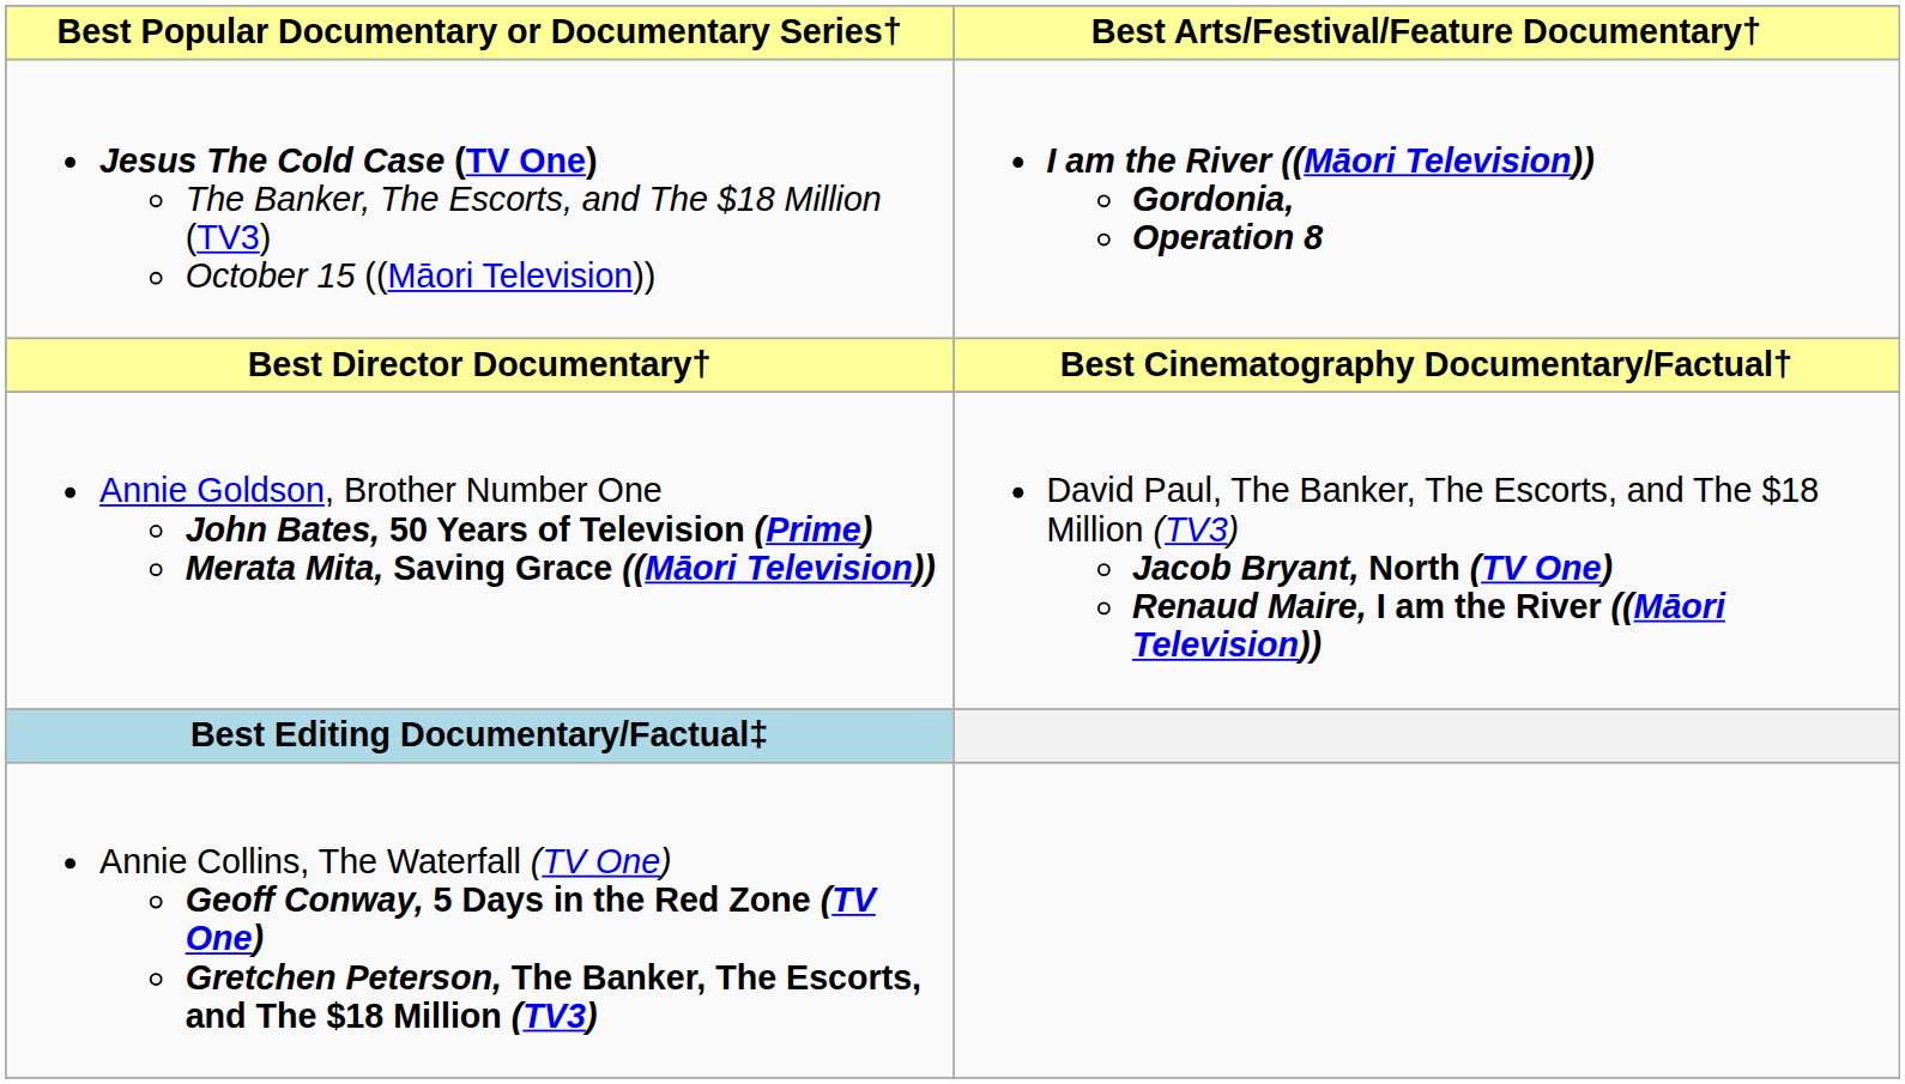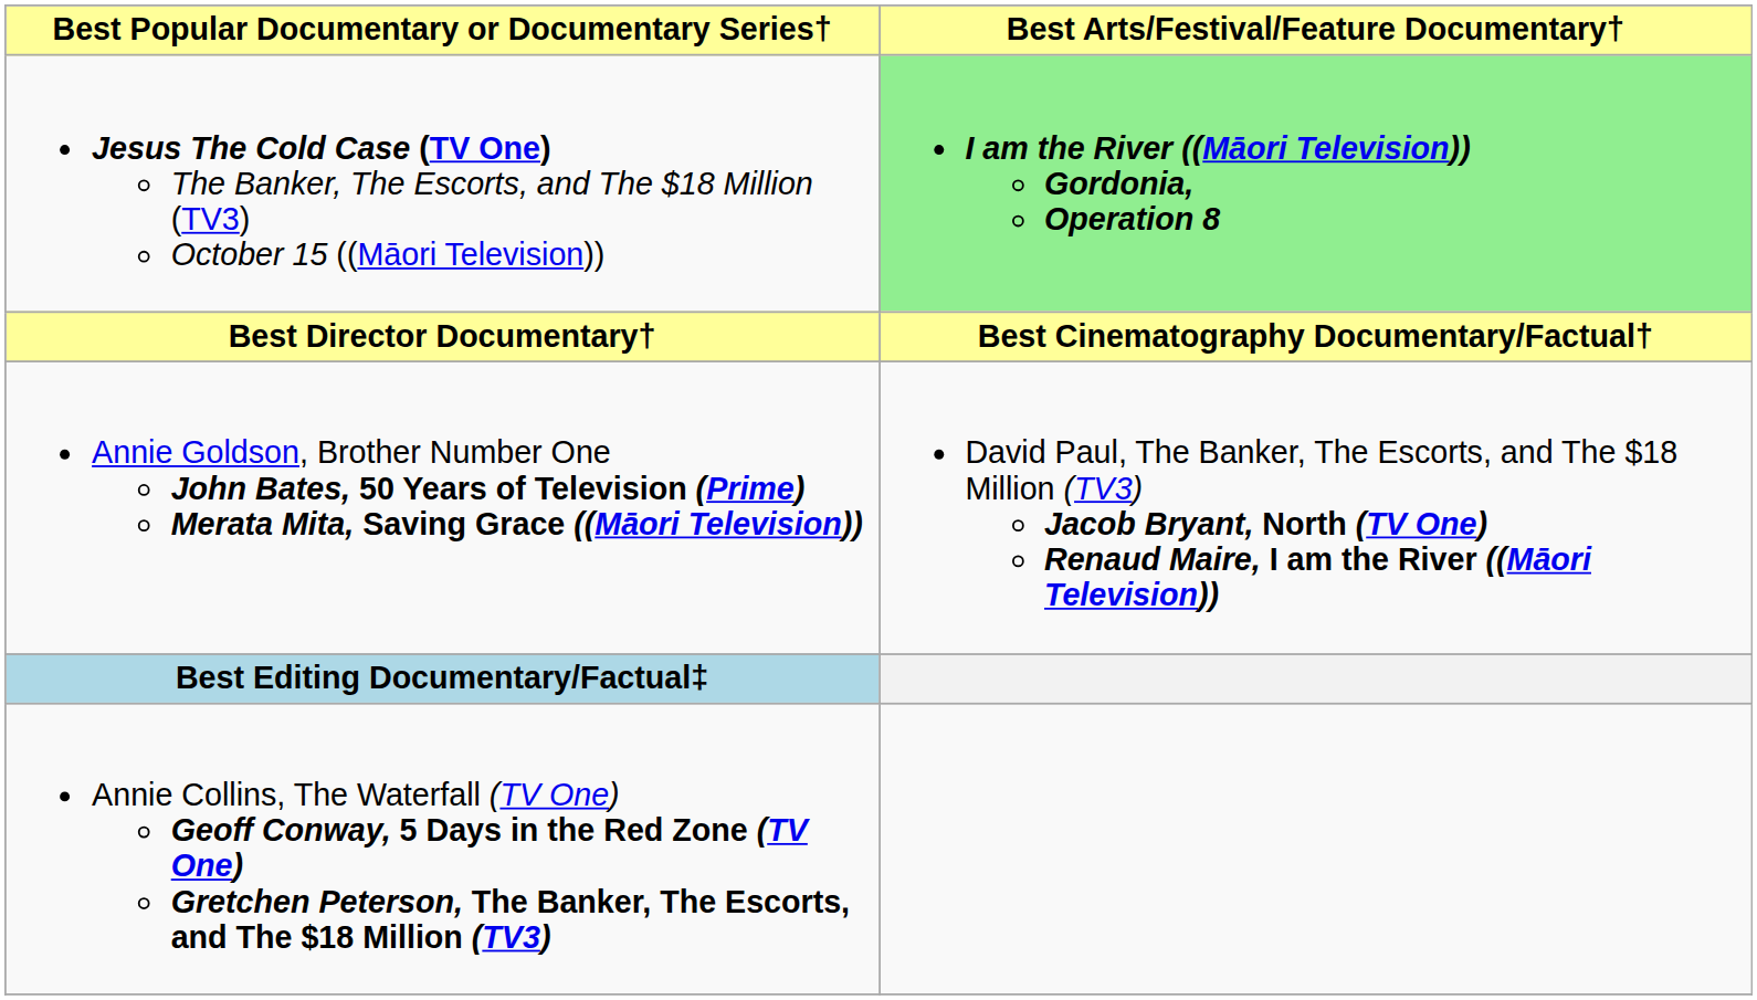 <table class=wikitable width="100%">
 <tr>
 <th style="background:#FFFF99;" width="50%">Best Popular Documentary or Documentary Series†</th>
 <th style="background:#FFFF99;" width="50%">Best Arts/Festival/Feature Documentary†</th>
 </tr>
 <tr>
 <td valign="top"><br><ul><li><strong> <em>Jesus The Cold Case</em> (<a href='#'>TV One</a>)</strong><ul><li><em>The Banker, The Escorts, and The $18 Million</em> (<a href='#'>TV3</a>)</li><li><em>October 15</em> ((<a href='#'>Māori Television</a>))</li></ul></li></ul></td>
-<td valign="top"><br><ul><li><strong><em>I am the River<em> ((<a href='#'>Māori Television</a>))<strong><ul><li></em>Gordonia,<em></li><li></em>Operation 8<em></li></ul></li></ul></td>
+<td valign="top" style="background: lightgreen;"><br><ul><li><strong><em>I am the River<em> ((<a href='#'>Māori Television</a>))<strong><ul><li></em>Gordonia,<em></li><li></em>Operation 8<em></li></ul></li></ul></td>
 </tr>
 <tr>
 <th style="background:#FFFF99;" width="50%">Best Director Documentary†</th>
 <th style="background:#FFFF99;" width="50%">Best Cinematography Documentary/Factual†</th>
 </tr>
 <tr>
 <td valign="top"><br><ul><li></strong><a href='#'>Annie Goldson</a>, </em>Brother Number One<em> <strong><ul><li>John Bates, </em>50 Years of Television<em> (<a href='#'>Prime</a>)</li><li>Merata Mita, </em>Saving Grace<em> ((<a href='#'>Māori Television</a>))</li></ul></li></ul></td>
 <td valign="top"><br><ul><li></strong>David Paul, </em>The Banker, The Escorts, and The $18 Million<em> (<a href='#'>TV3</a>)<strong><ul><li>Jacob Bryant, </em>North<em> (<a href='#'>TV One</a>)</li><li>Renaud Maire, </em>I am the River<em> ((<a href='#'>Māori Television</a>))</li></ul></li></ul></td>
 </tr>
 <tr>
 <th style="background:lightblue" width="50%">Best Editing Documentary/Factual‡</th>
 <th width="50%"></th>
 </tr>
 <tr>
 <td valign="top"><br><ul><li></strong>Annie Collins, </em>The Waterfall<em> (<a href='#'>TV One</a>)<strong><ul><li>Geoff Conway, </em>5 Days in the Red Zone<em> (<a href='#'>TV One</a>)</li><li>Gretchen Peterson, </em>The Banker, The Escorts, and The $18 Million<em> (<a href='#'>TV3</a>)</li></ul></li></ul></td>
 <td valign="top"></td>
 </tr>
 </table>
